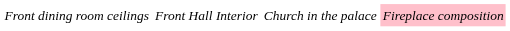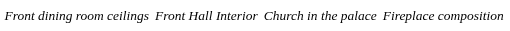 <table class="toccolours" border="0" cellpadding="2" cellspacing="2" style="margin:1em auto;">
 <tr>
 <td></td>
 <td></td>
 <td></td>
 <td></td>
 </tr>
 <tr style="text-align:center;">
 <td><small><em>Front dining room ceilings</em></small></td>
 <td><small><em>Front Hall Interior</em></small></td>
 <td><small><em>Church in the palace</em></small></td>
-<td style="background: pink;"><small><em>Fireplace composition</em></small></td>
+<td><small><em>Fireplace composition</em></small></td>
 </tr>
 <tr>
 </tr>
 </table>
